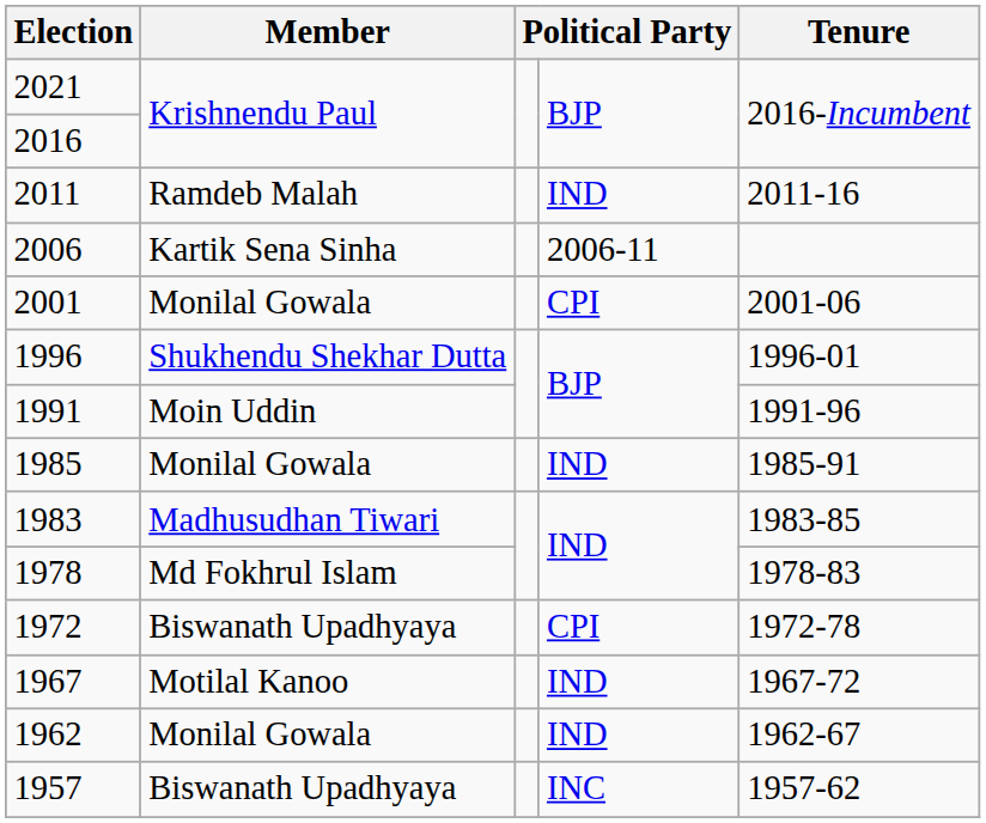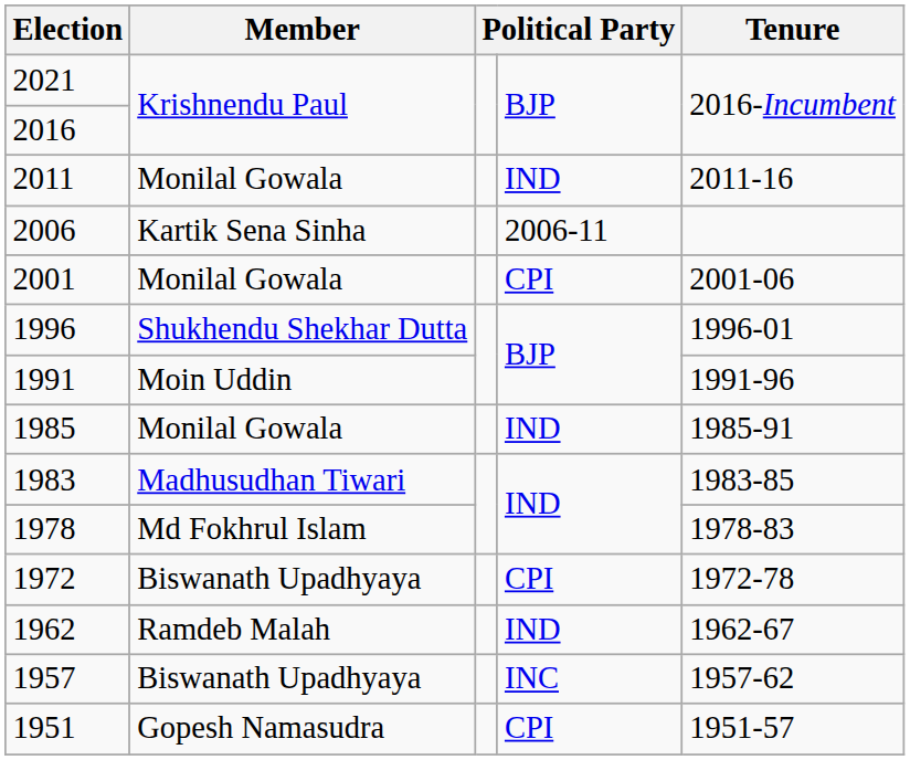 <table class="wikitable sortable">
 <tr>
 <th>Election</th>
 <th>Member</th>
 <th colspan="2">Political Party</th>
 <th>Tenure</th>
 </tr>
 <tr>
 <td>2021</td>
 <td rowspan=2><a href='#'>Krishnendu Paul</a></td>
 <td rowspan=2 style="background-color: "></td>
 <td rowspan=2><a href='#'>BJP</a></td>
 <td rowspan=2>2016-<em><a href='#'>Incumbent</a></em></td>
 </tr>
 <tr>
 <td>2016</td>
 </tr>
 <tr>
 <td>2011</td>
-<td>Ramdeb Malah</td>
+<td>Monilal Gowala</td>
 <td style="background-color:"></td>
 <td><a href='#'>IND</a></td>
 <td>2011-16</td>
 </tr>
 <tr>
 <td>2006</td>
 <td>Kartik Sena Sinha</td>
 <td></td>
 <td>2006-11</td>
 </tr>
 <tr>
 <td>2001</td>
 <td>Monilal Gowala</td>
 <td style="background-color:"></td>
 <td><a href='#'>CPI</a></td>
 <td>2001-06</td>
 </tr>
 <tr>
 <td>1996</td>
 <td><a href='#'>Shukhendu Shekhar Dutta</a></td>
 <td rowspan=2 style="background-color: "></td>
 <td rowspan=2><a href='#'>BJP</a></td>
 <td>1996-01</td>
 </tr>
 <tr>
 <td>1991</td>
 <td>Moin Uddin</td>
 <td>1991-96</td>
 </tr>
 <tr>
 <td>1985</td>
 <td>Monilal Gowala</td>
 <td style="background-color:"></td>
 <td><a href='#'>IND</a></td>
 <td>1985-91</td>
 </tr>
 <tr>
 <td>1983</td>
 <td><a href='#'>Madhusudhan Tiwari</a></td>
 <td rowspan=2 style="background-color:"></td>
 <td rowspan=2><a href='#'>IND</a></td>
 <td>1983-85</td>
 </tr>
 <tr>
 <td>1978</td>
 <td>Md Fokhrul Islam</td>
 <td>1978-83</td>
 </tr>
 <tr>
 <td>1972</td>
 <td>Biswanath Upadhyaya</td>
 <td style="background-color:"></td>
 <td><a href='#'>CPI</a></td>
 <td>1972-78</td>
 </tr>
 <tr>
-<td>1967</td>
-<td>Motilal Kanoo</td>
-<td style="background-color:"></td>
-<td><a href='#'>IND</a></td>
-<td>1967-72</td>
-</tr>
-<tr>
 <td>1962</td>
-<td>Monilal Gowala</td>
+<td>Ramdeb Malah</td>
 <td style="background-color:"></td>
 <td><a href='#'>IND</a></td>
 <td>1962-67</td>
 </tr>
 <tr>
 <td>1957</td>
 <td>Biswanath Upadhyaya</td>
 <td style="background-color:"></td>
 <td><a href='#'>INC</a></td>
 <td>1957-62</td>
 </tr>
+<tr>
+<td>1951</td>
+<td>Gopesh Namasudra</td>
+<td style="background-color:"></td>
+<td><a href='#'>CPI</a></td>
+<td>1951-57</td>
+</tr>
 </table>
